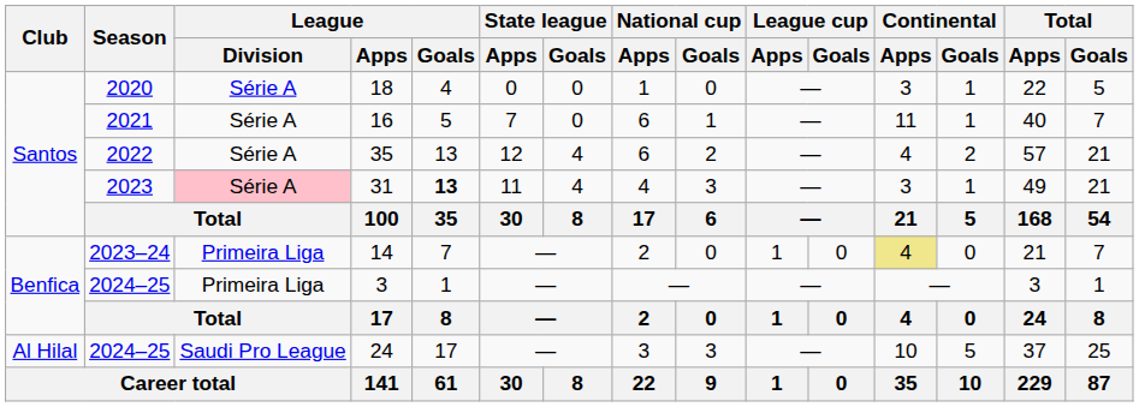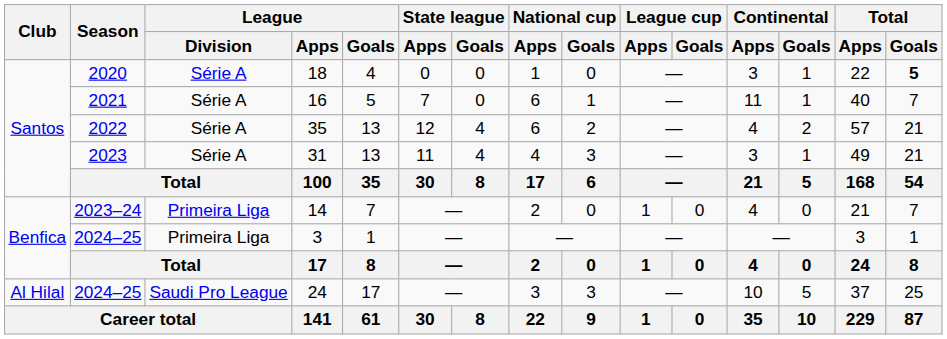 <table class="wikitable" style="text-align: center;">
 <tr>
 <th rowspan="2">Club</th>
 <th rowspan="2">Season</th>
 <th colspan="3">League</th>
 <th colspan="2">State league</th>
 <th colspan="2">National cup</th>
 <th colspan="2">League cup</th>
 <th colspan="2">Continental</th>
 <th colspan="2">Total</th>
 </tr>
 <tr>
 <th>Division</th>
 <th>Apps</th>
 <th>Goals</th>
 <th>Apps</th>
 <th>Goals</th>
 <th>Apps</th>
 <th>Goals</th>
 <th>Apps</th>
 <th>Goals</th>
 <th>Apps</th>
 <th>Goals</th>
 <th>Apps</th>
 <th>Goals</th>
 </tr>
 <tr>
 <td rowspan="5" valign="center"><a href='#'>Santos</a></td>
 <td><a href='#'>2020</a></td>
 <td><a href='#'>Série A</a></td>
 <td>18</td>
 <td>4</td>
 <td>0</td>
 <td>0</td>
 <td>1</td>
 <td>0</td>
 <td colspan="2">—</td>
 <td>3</td>
 <td>1</td>
 <td>22</td>
-<td>5</td>
+<td><strong>5</strong></td>
 </tr>
 <tr>
 <td><a href='#'>2021</a></td>
 <td>Série A</td>
 <td>16</td>
 <td>5</td>
 <td>7</td>
 <td>0</td>
 <td>6</td>
 <td>1</td>
 <td colspan="2">—</td>
 <td>11</td>
 <td>1</td>
 <td>40</td>
 <td>7</td>
 </tr>
 <tr>
 <td><a href='#'>2022</a></td>
 <td>Série A</td>
 <td>35</td>
 <td>13</td>
 <td>12</td>
 <td>4</td>
 <td>6</td>
 <td>2</td>
 <td colspan="2">—</td>
 <td>4</td>
 <td>2</td>
 <td>57</td>
 <td>21</td>
 </tr>
 <tr>
 <td><a href='#'>2023</a></td>
-<td style="background: pink;">Série A</td>
+<td>Série A</td>
 <td>31</td>
-<td><strong>13</strong></td>
+<td>13</td>
 <td>11</td>
 <td>4</td>
 <td>4</td>
 <td>3</td>
 <td colspan="2">—</td>
 <td>3</td>
 <td>1</td>
 <td>49</td>
 <td>21</td>
 </tr>
 <tr>
 <th colspan="2">Total</th>
 <th>100</th>
 <th>35</th>
 <th>30</th>
 <th>8</th>
 <th>17</th>
 <th>6</th>
 <th colspan="2">—</th>
 <th>21</th>
 <th>5</th>
 <th>168</th>
 <th>54</th>
 </tr>
 <tr>
 <td rowspan="3"><a href='#'>Benfica</a></td>
 <td><a href='#'>2023–24</a></td>
 <td><a href='#'>Primeira Liga</a></td>
 <td>14</td>
 <td>7</td>
 <td colspan="2">—</td>
 <td>2</td>
 <td>0</td>
 <td>1</td>
 <td>0</td>
-<td style="background: khaki;">4</td>
+<td>4</td>
 <td>0</td>
 <td>21</td>
 <td>7</td>
 </tr>
 <tr>
 <td><a href='#'>2024–25</a></td>
 <td>Primeira Liga</td>
 <td>3</td>
 <td>1</td>
 <td colspan="2">—</td>
 <td colspan="2">—</td>
 <td colspan="2">—</td>
 <td colspan="2">—</td>
 <td>3</td>
 <td>1</td>
 </tr>
 <tr>
 <th colspan="2">Total</th>
 <th>17</th>
 <th>8</th>
 <th colspan="2">—</th>
 <th>2</th>
 <th>0</th>
 <th>1</th>
 <th>0</th>
 <th>4</th>
 <th>0</th>
 <th>24</th>
 <th>8</th>
 </tr>
 <tr>
 <td><a href='#'>Al Hilal</a></td>
 <td><a href='#'>2024–25</a></td>
 <td><a href='#'>Saudi Pro League</a></td>
 <td>24</td>
 <td>17</td>
 <td colspan="2">—</td>
 <td>3</td>
 <td>3</td>
 <td colspan="2">—</td>
 <td>10</td>
 <td>5</td>
 <td>37</td>
 <td>25</td>
 </tr>
 <tr>
 <th colspan="3">Career total</th>
 <th>141</th>
 <th>61</th>
 <th>30</th>
 <th>8</th>
 <th>22</th>
 <th>9</th>
 <th>1</th>
 <th>0</th>
 <th>35</th>
 <th>10</th>
 <th>229</th>
 <th>87</th>
 </tr>
 </table>
